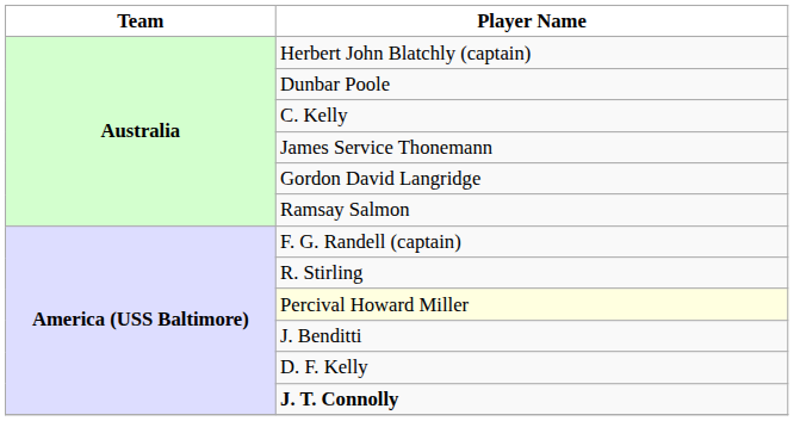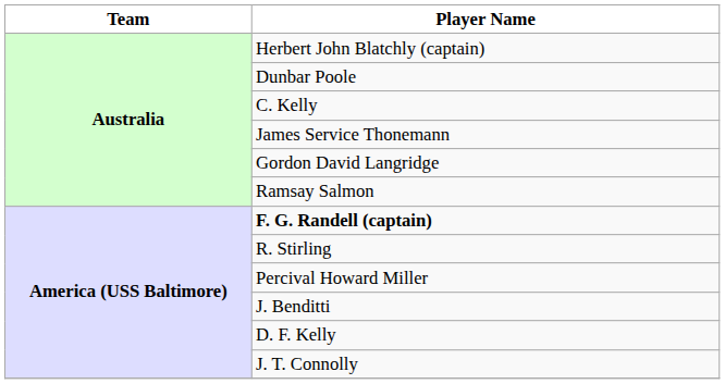 <table class="wikitable" style="width:50%; text-align:left">
 <tr>
 <th style="background:white; width:5%">Team</th>
 <th style="background:white; width:12%">Player Name</th>
 </tr>
 <tr>
 <th style="background:#d3ffce;" rowspan="6">Australia</th>
 <td>Herbert John Blatchly (captain)</td>
 </tr>
 <tr>
 <td>Dunbar Poole</td>
 </tr>
 <tr>
 <td>C. Kelly</td>
 </tr>
 <tr>
 <td>James Service Thonemann</td>
 </tr>
 <tr>
 <td>Gordon David Langridge</td>
 </tr>
 <tr>
 <td>Ramsay Salmon</td>
 </tr>
 <tr>
 <th style="background:#ddf;" rowspan="6">America (USS Baltimore)</th>
-<td>F. G. Randell (captain)</td>
+<td><strong>F. G. Randell (captain)</strong></td>
 </tr>
 <tr>
 <td>R. Stirling</td>
 </tr>
 <tr>
-<td style="background: lightyellow;">Percival Howard Miller</td>
+<td>Percival Howard Miller</td>
 </tr>
 <tr>
 <td>J. Benditti</td>
 </tr>
 <tr>
 <td>D. F. Kelly</td>
 </tr>
 <tr>
-<td><strong>J. T. Connolly</strong></td>
+<td>J. T. Connolly</td>
 </tr>
 <tr>
 </tr>
 </table>
